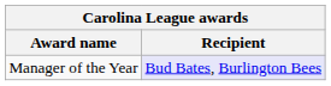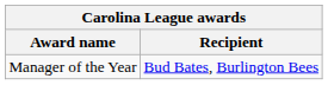 <table class="wikitable">
 <tr>
 <th colspan="2">Carolina League awards</th>
 </tr>
 <tr>
 <th>Award name</th>
 <th>Recipient</th>
 </tr>
 <tr>
 <td>Manager of the Year</td>
-<td style="background: lavender;"><a href='#'>Bud Bates</a>, <a href='#'>Burlington Bees</a></td>
+<td><a href='#'>Bud Bates</a>, <a href='#'>Burlington Bees</a></td>
 </tr>
 </table>
